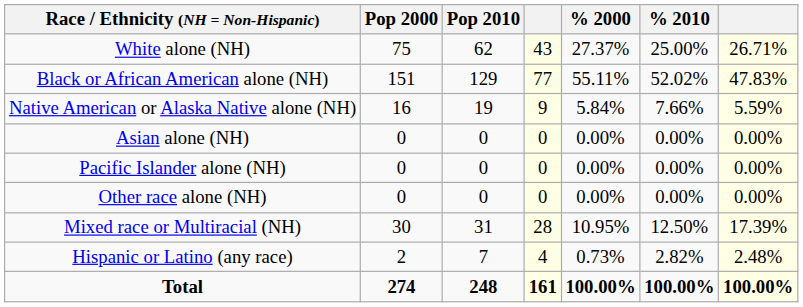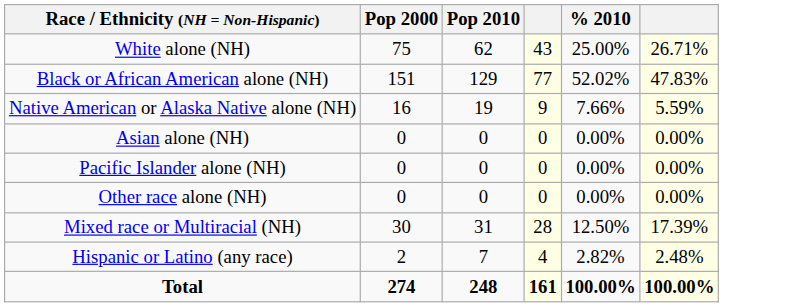 <table class="wikitable" style="text-align:center;">
 <tr>
 <th>Race / Ethnicity <small>(<em>NH = Non-Hispanic</em>)</small></th>
 <th>Pop 2000</th>
 <th>Pop 2010</th>
 <th></th>
-<th>% 2000</th>
 <th>% 2010</th>
 <th></th>
 </tr>
 <tr>
 <td><a href='#'>White</a> alone (NH)</td>
 <td>75</td>
 <td>62</td>
 <td style='background: #ffffe6;'>43</td>
-<td>27.37%</td>
 <td>25.00%</td>
 <td style='background: #ffffe6;'>26.71%</td>
 </tr>
 <tr>
 <td><a href='#'>Black or African American</a> alone (NH)</td>
 <td>151</td>
 <td>129</td>
 <td style='background: #ffffe6;'>77</td>
-<td>55.11%</td>
 <td>52.02%</td>
 <td style='background: #ffffe6;'>47.83%</td>
 </tr>
 <tr>
 <td><a href='#'>Native American</a> or <a href='#'>Alaska Native</a> alone (NH)</td>
 <td>16</td>
 <td>19</td>
 <td style='background: #ffffe6;'>9</td>
-<td>5.84%</td>
 <td>7.66%</td>
 <td style='background: #ffffe6;'>5.59%</td>
 </tr>
 <tr>
 <td><a href='#'>Asian</a> alone (NH)</td>
 <td>0</td>
 <td>0</td>
 <td style='background: #ffffe6;'>0</td>
 <td>0.00%</td>
-<td>0.00%</td>
 <td style='background: #ffffe6;'>0.00%</td>
 </tr>
 <tr>
 <td><a href='#'>Pacific Islander</a> alone (NH)</td>
 <td>0</td>
 <td>0</td>
 <td style='background: #ffffe6;'>0</td>
-<td>0.00%</td>
 <td>0.00%</td>
 <td style='background: #ffffe6;'>0.00%</td>
 </tr>
 <tr>
 <td><a href='#'>Other race</a> alone (NH)</td>
 <td>0</td>
 <td>0</td>
 <td style='background: #ffffe6;'>0</td>
 <td>0.00%</td>
-<td>0.00%</td>
 <td style='background: #ffffe6;'>0.00%</td>
 </tr>
 <tr>
 <td><a href='#'>Mixed race or Multiracial</a> (NH)</td>
 <td>30</td>
 <td>31</td>
 <td style='background: #ffffe6;'>28</td>
-<td>10.95%</td>
 <td>12.50%</td>
 <td style='background: #ffffe6;'>17.39%</td>
 </tr>
 <tr>
 <td><a href='#'>Hispanic or Latino</a> (any race)</td>
 <td>2</td>
 <td>7</td>
 <td style='background: #ffffe6;'>4</td>
-<td>0.73%</td>
 <td>2.82%</td>
 <td style='background: #ffffe6;'>2.48%</td>
 </tr>
 <tr>
 <td><strong>Total</strong></td>
 <td><strong>274</strong></td>
 <td><strong>248</strong></td>
 <td style='background: #ffffe6;'><strong>161</strong></td>
 <td><strong>100.00%</strong></td>
-<td><strong>100.00%</strong></td>
 <td style='background: #ffffe6;'><strong>100.00%</strong></td>
 </tr>
 </table>
